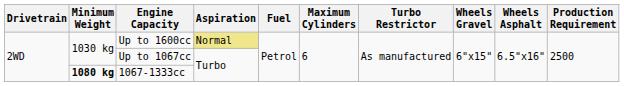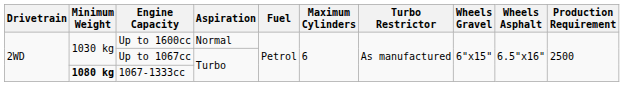 <table class="wikitable">
 <tr>
 <th>Drivetrain</th>
 <th>Minimum<br>Weight</th>
 <th>Engine<br>Capacity</th>
 <th>Aspiration</th>
 <th>Fuel</th>
 <th>Maximum<br>Cylinders</th>
 <th>Turbo<br>Restrictor</th>
 <th>Wheels<br>Gravel</th>
 <th>Wheels<br>Asphalt</th>
 <th>Production<br>Requirement</th>
 </tr>
 <tr>
 <td rowspan="3">2WD</td>
 <td rowspan="2">1030 kg</td>
 <td>Up to 1600cc</td>
-<td style="background: khaki;">Normal</td>
+<td>Normal</td>
 <td rowspan="3">Petrol</td>
 <td rowspan="3">6</td>
 <td rowspan="3">As manufactured</td>
 <td rowspan="3">6"x15"</td>
 <td rowspan="3">6.5"x16"</td>
 <td rowspan="3">2500</td>
 </tr>
 <tr>
 <td>Up to 1067cc</td>
 <td rowspan="2">Turbo</td>
 </tr>
 <tr>
 <td><strong>1080 kg</strong></td>
 <td>1067-1333cc</td>
 </tr>
 </table>
